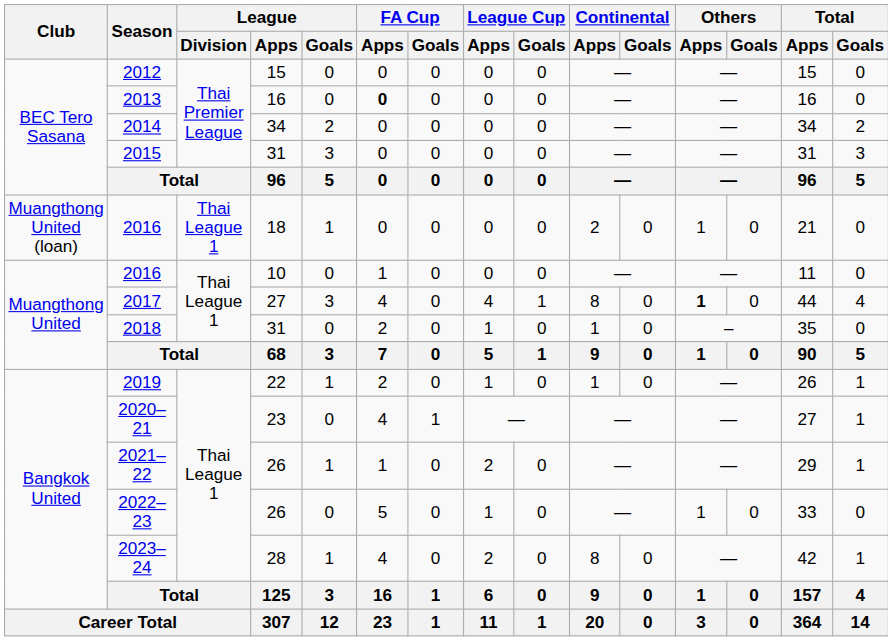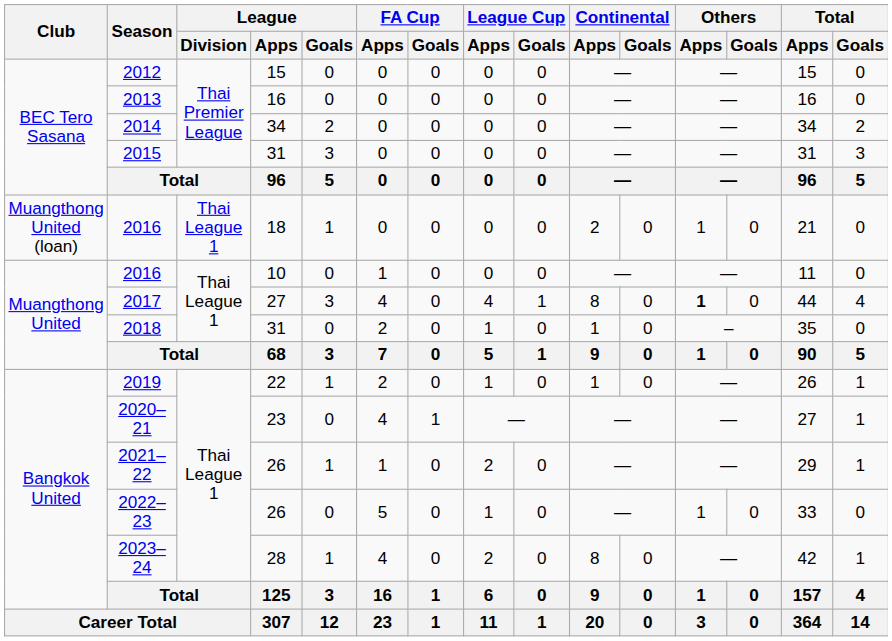 <table class="wikitable" style="text-align:center;">
 <tr>
 <th rowspan="2">Club</th>
 <th rowspan="2">Season</th>
 <th colspan="3">League</th>
 <th colspan="2"><a href='#'>FA Cup</a></th>
 <th colspan="2"><a href='#'>League Cup</a></th>
 <th colspan="2"><a href='#'>Continental</a></th>
 <th colspan="2">Others</th>
 <th colspan="2">Total</th>
 </tr>
 <tr>
 <th>Division</th>
 <th>Apps</th>
 <th>Goals</th>
 <th>Apps</th>
 <th>Goals</th>
 <th>Apps</th>
 <th>Goals</th>
 <th>Apps</th>
 <th>Goals</th>
 <th>Apps</th>
 <th>Goals</th>
 <th>Apps</th>
 <th>Goals</th>
 </tr>
 <tr>
 <td rowspan="5"><a href='#'>BEC Tero Sasana</a></td>
 <td><a href='#'>2012</a></td>
 <td rowspan="4"><a href='#'>Thai Premier League</a></td>
 <td>15</td>
 <td>0</td>
 <td>0</td>
 <td>0</td>
 <td>0</td>
 <td>0</td>
 <td colspan="2">—</td>
 <td colspan="2">—</td>
 <td>15</td>
 <td>0</td>
 </tr>
 <tr>
 <td><a href='#'>2013</a></td>
 <td>16</td>
 <td>0</td>
-<td><strong>0</strong></td>
+<td>0</td>
 <td>0</td>
 <td>0</td>
 <td>0</td>
 <td colspan="2">—</td>
 <td colspan="2">—</td>
 <td>16</td>
 <td>0</td>
 </tr>
 <tr>
 <td><a href='#'>2014</a></td>
 <td>34</td>
 <td>2</td>
 <td>0</td>
 <td>0</td>
 <td>0</td>
 <td>0</td>
 <td colspan="2">—</td>
 <td colspan="2">—</td>
 <td>34</td>
 <td>2</td>
 </tr>
 <tr>
 <td><a href='#'>2015</a></td>
 <td>31</td>
 <td>3</td>
 <td>0</td>
 <td>0</td>
 <td>0</td>
 <td>0</td>
 <td colspan="2">—</td>
 <td colspan="2">—</td>
 <td>31</td>
 <td>3</td>
 </tr>
 <tr>
 <th colspan="2">Total</th>
 <th>96</th>
 <th>5</th>
 <th>0</th>
 <th>0</th>
 <th>0</th>
 <th>0</th>
 <th colspan="2">—</th>
 <th colspan="2">—</th>
 <th>96</th>
 <th>5</th>
 </tr>
 <tr>
 <td><a href='#'>Muangthong United</a> (loan)</td>
 <td><a href='#'>2016</a></td>
 <td><a href='#'>Thai League 1</a></td>
 <td>18</td>
 <td>1</td>
 <td>0</td>
 <td>0</td>
 <td>0</td>
 <td>0</td>
 <td>2</td>
 <td>0</td>
 <td>1</td>
 <td>0</td>
 <td>21</td>
 <td>0</td>
 </tr>
 <tr>
 <td rowspan="4"><a href='#'>Muangthong United</a></td>
 <td><a href='#'>2016</a></td>
 <td rowspan="3">Thai League 1</td>
 <td>10</td>
 <td>0</td>
 <td>1</td>
 <td>0</td>
 <td>0</td>
 <td>0</td>
 <td colspan="2">—</td>
 <td colspan="2">—</td>
 <td>11</td>
 <td>0</td>
 </tr>
 <tr>
 <td><a href='#'>2017</a></td>
 <td>27</td>
 <td>3</td>
 <td>4</td>
 <td>0</td>
 <td>4</td>
 <td>1</td>
 <td>8</td>
 <td>0</td>
 <td><strong>1</strong></td>
 <td>0</td>
 <td>44</td>
 <td>4</td>
 </tr>
 <tr>
 <td><a href='#'>2018</a></td>
 <td>31</td>
 <td>0</td>
 <td>2</td>
 <td>0</td>
 <td>1</td>
 <td>0</td>
 <td>1</td>
 <td>0</td>
 <td colspan="2">–</td>
 <td>35</td>
 <td>0</td>
 </tr>
 <tr>
 <th colspan="2">Total</th>
 <th>68</th>
 <th>3</th>
 <th>7</th>
 <th>0</th>
 <th>5</th>
 <th>1</th>
 <th>9</th>
 <th>0</th>
 <th>1</th>
 <th>0</th>
 <th>90</th>
 <th>5</th>
 </tr>
 <tr>
 <td rowspan="6"><a href='#'>Bangkok United</a></td>
 <td><a href='#'>2019</a></td>
 <td rowspan="5">Thai League 1</td>
 <td>22</td>
 <td>1</td>
 <td>2</td>
 <td>0</td>
 <td>1</td>
 <td>0</td>
 <td>1</td>
 <td>0</td>
 <td colspan="2">—</td>
 <td>26</td>
 <td>1</td>
 </tr>
 <tr>
 <td><a href='#'>2020–21</a></td>
 <td>23</td>
 <td>0</td>
 <td>4</td>
 <td>1</td>
 <td colspan="2">—</td>
 <td colspan="2">—</td>
 <td colspan="2">—</td>
 <td>27</td>
 <td>1</td>
 </tr>
 <tr>
 <td><a href='#'>2021–22</a></td>
 <td>26</td>
 <td>1</td>
 <td>1</td>
 <td>0</td>
 <td>2</td>
 <td>0</td>
 <td colspan="2">—</td>
 <td colspan="2">—</td>
 <td>29</td>
 <td>1</td>
 </tr>
 <tr>
 <td><a href='#'>2022–23</a></td>
 <td>26</td>
 <td>0</td>
 <td>5</td>
 <td>0</td>
 <td>1</td>
 <td>0</td>
 <td colspan="2">—</td>
 <td>1</td>
 <td>0</td>
 <td>33</td>
 <td>0</td>
 </tr>
 <tr>
 <td><a href='#'>2023–24</a></td>
 <td>28</td>
 <td>1</td>
 <td>4</td>
 <td>0</td>
 <td>2</td>
 <td>0</td>
 <td>8</td>
 <td>0</td>
 <td colspan="2">—</td>
 <td>42</td>
 <td>1</td>
 </tr>
 <tr>
 <th colspan="2">Total</th>
 <th>125</th>
 <th>3</th>
 <th>16</th>
 <th>1</th>
 <th>6</th>
 <th>0</th>
 <th>9</th>
 <th>0</th>
 <th>1</th>
 <th>0</th>
 <th>157</th>
 <th>4</th>
 </tr>
 <tr>
 <th colspan="3">Career Total</th>
 <th>307</th>
 <th>12</th>
 <th>23</th>
 <th>1</th>
 <th>11</th>
 <th>1</th>
 <th>20</th>
 <th>0</th>
 <th>3</th>
 <th>0</th>
 <th>364</th>
 <th>14</th>
 </tr>
 </table>
